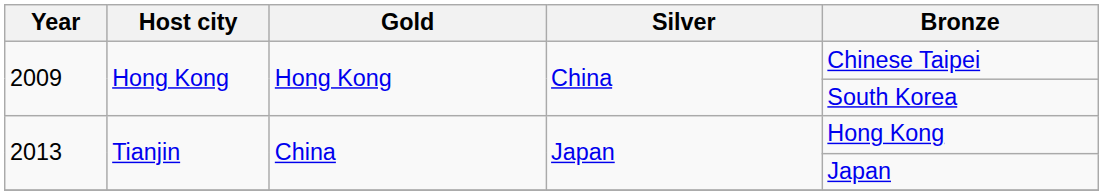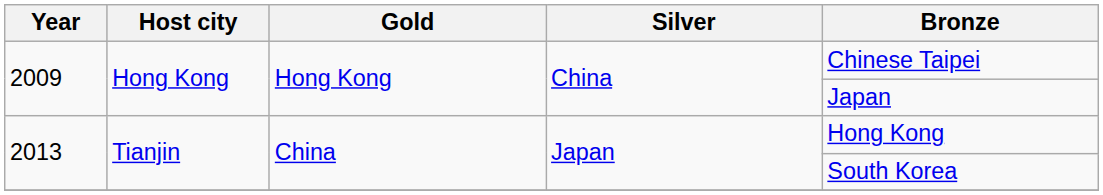 <table class="wikitable" style="text-align: left; width: 750px;">
 <tr>
 <th width="60">Year</th>
 <th width="100">Host city</th>
 <th width="175">Gold</th>
 <th width="175">Silver</th>
 <th width="175">Bronze</th>
 </tr>
 <tr>
 <td rowspan=2>2009</td>
 <td rowspan=2><a href='#'>Hong Kong</a></td>
 <td rowspan=2> <a href='#'>Hong Kong</a></td>
 <td rowspan=2> <a href='#'>China</a></td>
 <td> <a href='#'>Chinese Taipei</a></td>
 </tr>
 <tr>
-<td> <a href='#'>South Korea</a></td>
+<td> <a href='#'>Japan</a></td>
 </tr>
 <tr>
 <td rowspan=2>2013</td>
 <td rowspan=2><a href='#'>Tianjin</a></td>
 <td rowspan=2> <a href='#'>China</a></td>
 <td rowspan=2> <a href='#'>Japan</a></td>
 <td> <a href='#'>Hong Kong</a></td>
 </tr>
 <tr>
-<td> <a href='#'>Japan</a></td>
+<td> <a href='#'>South Korea</a></td>
 </tr>
 <tr>
 </tr>
 </table>
